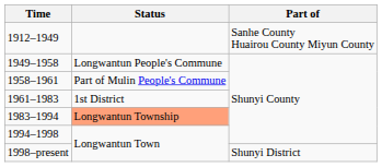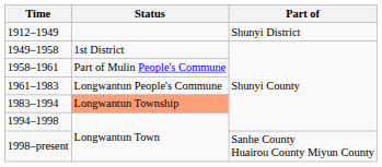 <table class="wikitable">
 <tr>
 <th>Time</th>
 <th>Status</th>
 <th>Part of</th>
 </tr>
 <tr>
 <td>1912–1949</td>
 <td></td>
-<td>Sanhe County<br>Huairou County Miyun County</td>
+<td>Shunyi District</td>
 </tr>
 <tr>
 <td>1949–1958</td>
-<td>Longwantun People's Commune</td>
+<td>1st District</td>
 <td rowspan="5">Shunyi County</td>
 </tr>
 <tr>
 <td>1958–1961</td>
 <td>Part of Mulin <a href='#'>People's Commune</a></td>
 </tr>
 <tr>
 <td>1961–1983</td>
-<td>1st District</td>
+<td>Longwantun People's Commune</td>
 </tr>
 <tr>
 <td>1983–1994</td>
 <td style="background: lightsalmon;">Longwantun Township</td>
 </tr>
 <tr>
 <td>1994–1998</td>
 <td rowspan="2">Longwantun Town</td>
 </tr>
 <tr>
 <td>1998–present</td>
-<td>Shunyi District</td>
+<td>Sanhe County<br>Huairou County Miyun County</td>
 </tr>
 </table>
